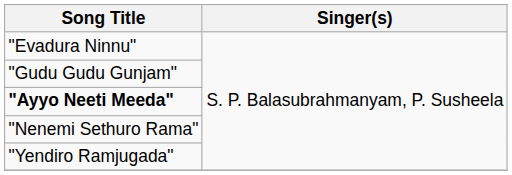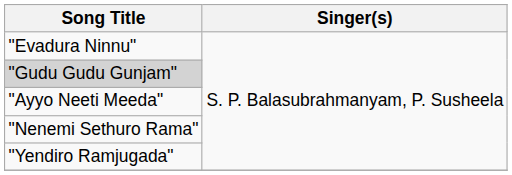 <table class="wikitable">
 <tr>
 <th>Song Title</th>
 <th>Singer(s)</th>
 </tr>
 <tr>
 <td>"Evadura Ninnu"</td>
 <td rowspan=5>S. P. Balasubrahmanyam, P. Susheela</td>
 </tr>
 <tr>
-<td>"Gudu Gudu Gunjam"</td>
+<td style="background: lightgrey;">"Gudu Gudu Gunjam"</td>
 </tr>
 <tr>
-<td><strong>"Ayyo Neeti Meeda"</strong></td>
+<td>"Ayyo Neeti Meeda"</td>
 </tr>
 <tr>
 <td>"Nenemi Sethuro Rama"</td>
 </tr>
 <tr>
 <td>"Yendiro Ramjugada"</td>
 </tr>
 <tr>
 </tr>
 </table>
